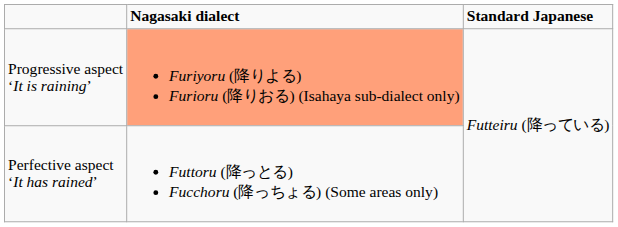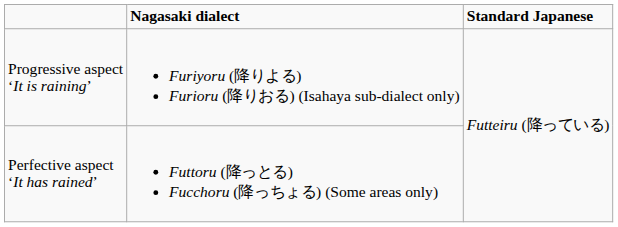 <table class="wikitable">
 <tr>
 <td></td>
 <td><strong>Nagasaki dialect</strong></td>
 <td><strong>Standard Japanese</strong></td>
 </tr>
 <tr>
 <td>Progressive aspect<br>‘<em>It is raining</em>’</td>
-<td style="background: lightsalmon;"><br><ul><li><em>Furiyoru</em> (降りよる)</li><li><em>Furioru</em> (降りおる)  (Isahaya sub-dialect only)</li></ul></td>
+<td><br><ul><li><em>Furiyoru</em> (降りよる)</li><li><em>Furioru</em> (降りおる)  (Isahaya sub-dialect only)</li></ul></td>
 <td rowspan="2"><em>Futteiru</em>  (降っている)</td>
 </tr>
 <tr>
 <td>Perfective aspect<br>‘<em>It has rained</em>’</td>
 <td><br><ul><li><em>Futtoru</em> (降っとる)</li><li><em>Fucchoru</em> (降っちょる)  (Some areas only)</li></ul></td>
 </tr>
 </table>
